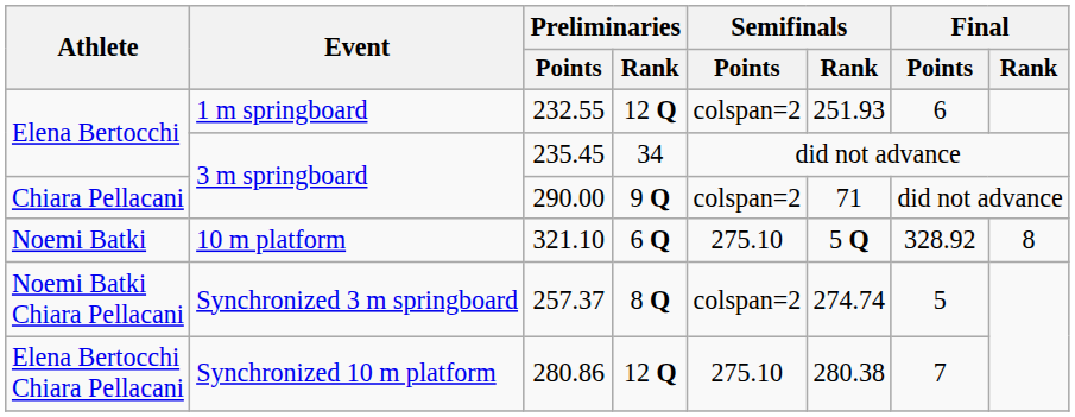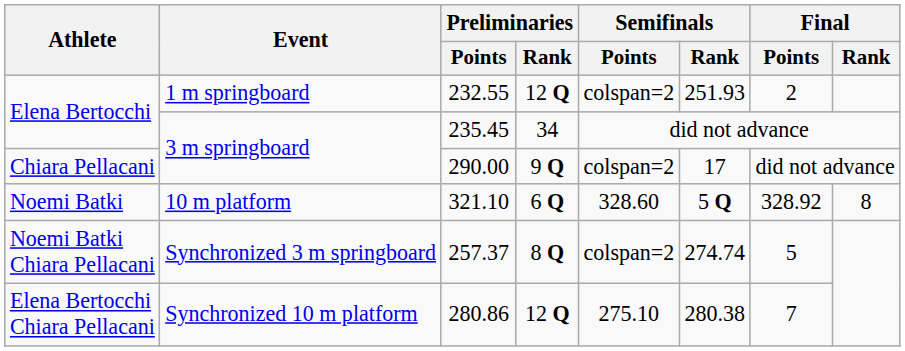 <table class=wikitable style="font-size:90%;">
 <tr>
 <th rowspan="2">Athlete</th>
 <th rowspan="2">Event</th>
 <th colspan="2">Preliminaries</th>
 <th colspan="2">Semifinals</th>
 <th colspan="2">Final</th>
 </tr>
 <tr style="font-size:95%">
 <th>Points</th>
 <th>Rank</th>
 <th>Points</th>
 <th>Rank</th>
 <th>Points</th>
 <th>Rank</th>
 </tr>
 <tr align=center>
 <td align=left rowspan=2><a href='#'>Elena Bertocchi</a></td>
 <td align=left><a href='#'>1 m springboard</a></td>
 <td>232.55</td>
 <td>12 <strong>Q</strong></td>
 <td>colspan=2 </td>
 <td>251.93</td>
-<td>6</td>
+<td>2</td>
 </tr>
 <tr align=center>
 <td align=left rowspan=2><a href='#'>3 m springboard</a></td>
 <td>235.45</td>
 <td>34</td>
 <td colspan=4>did not advance</td>
 </tr>
 <tr align=center>
 <td align=left><a href='#'>Chiara Pellacani</a></td>
 <td>290.00</td>
 <td>9 <strong>Q</strong></td>
 <td>colspan=2 </td>
-<td>71</td>
+<td>17</td>
 <td colspan=2>did not advance</td>
 </tr>
 <tr align=center>
 <td align=left><a href='#'>Noemi Batki</a></td>
 <td align=left><a href='#'>10 m platform</a></td>
 <td>321.10</td>
 <td>6 <strong>Q</strong></td>
-<td>275.10</td>
+<td>328.60</td>
 <td>5 <strong>Q</strong></td>
 <td>328.92</td>
 <td>8</td>
 </tr>
 <tr align=center>
 <td align=left><a href='#'>Noemi Batki</a><br><a href='#'>Chiara Pellacani</a></td>
 <td align=left><a href='#'>Synchronized 3 m springboard</a></td>
 <td>257.37</td>
 <td>8 <strong>Q</strong></td>
 <td>colspan=2 </td>
 <td>274.74</td>
 <td>5</td>
 </tr>
 <tr align=center>
 <td align=left><a href='#'>Elena Bertocchi</a><br><a href='#'>Chiara Pellacani</a></td>
 <td align=left><a href='#'>Synchronized 10 m platform</a></td>
 <td>280.86</td>
 <td>12 <strong>Q</strong></td>
 <td>275.10</td>
 <td>280.38</td>
 <td>7</td>
 </tr>
 </table>
